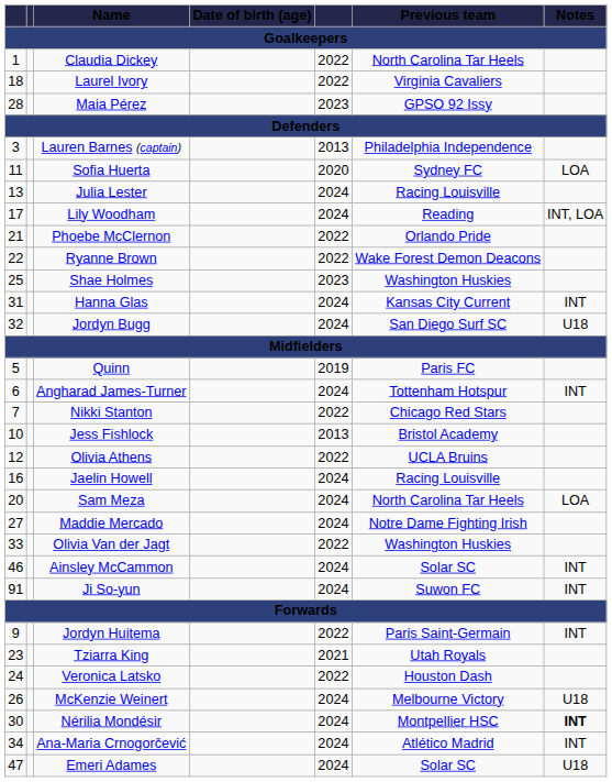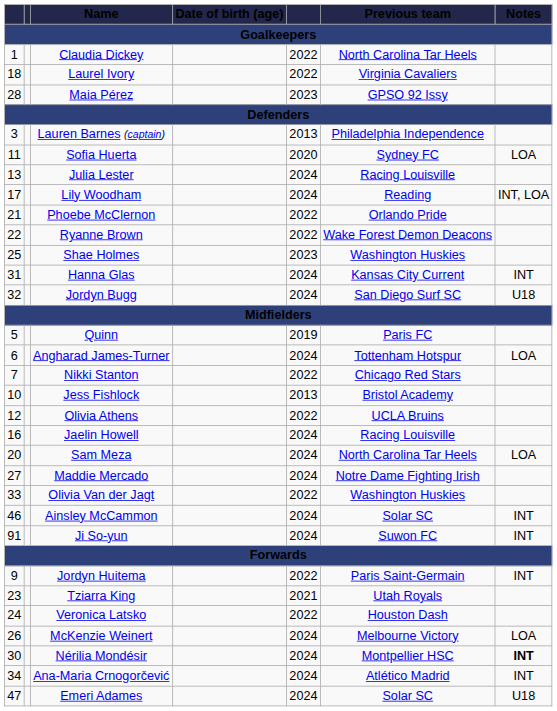 <table class="wikitable" style="text-align:center;">
 <tr>
 <th style="background:#22274B; "></th>
 <th style="background:#22274B; "></th>
 <th style="background:#22274B; ">Name</th>
 <th style="background:#22274B; ">Date of birth (age)</th>
 <th style="background:#22274B; "></th>
 <th style="background:#22274B; ">Previous team</th>
 <th style="background:#22274B; ">Notes</th>
 </tr>
 <tr>
 <th colspan="7" style="background:#2E407A; ">Goalkeepers</th>
 </tr>
 <tr>
 <td>1</td>
 <td></td>
 <td><a href='#'>Claudia Dickey</a></td>
 <td></td>
 <td>2022</td>
 <td> <a href='#'>North Carolina Tar Heels</a></td>
 <td></td>
 </tr>
 <tr>
 <td>18</td>
 <td></td>
 <td><a href='#'>Laurel Ivory</a></td>
 <td></td>
 <td>2022</td>
 <td> <a href='#'>Virginia Cavaliers</a></td>
 <td></td>
 </tr>
 <tr>
 <td>28</td>
 <td></td>
 <td><a href='#'>Maia Pérez</a></td>
 <td></td>
 <td>2023</td>
 <td> <a href='#'>GPSO 92 Issy</a></td>
 <td></td>
 </tr>
 <tr>
 <th colspan="7" style="background:#2E407A; ">Defenders</th>
 </tr>
 <tr>
 <td>3</td>
 <td></td>
 <td><a href='#'>Lauren Barnes</a> <em><small>(<a href='#'>captain</a>)</small></em></td>
 <td></td>
 <td>2013</td>
 <td> <a href='#'>Philadelphia Independence</a></td>
 <td></td>
 </tr>
 <tr>
 <td>11</td>
 <td></td>
 <td><a href='#'>Sofia Huerta</a></td>
 <td></td>
 <td>2020</td>
 <td> <a href='#'>Sydney FC</a></td>
 <td>LOA</td>
 </tr>
 <tr>
 <td>13</td>
 <td></td>
 <td><a href='#'>Julia Lester</a></td>
 <td></td>
 <td>2024</td>
 <td> <a href='#'>Racing Louisville</a></td>
 <td></td>
 </tr>
 <tr>
 <td>17</td>
 <td></td>
 <td><a href='#'>Lily Woodham</a></td>
 <td></td>
 <td>2024</td>
 <td> <a href='#'>Reading</a></td>
 <td>INT, LOA</td>
 </tr>
 <tr>
 <td>21</td>
 <td></td>
 <td><a href='#'>Phoebe McClernon</a></td>
 <td></td>
 <td>2022</td>
 <td> <a href='#'>Orlando Pride</a></td>
 <td></td>
 </tr>
 <tr>
 <td>22</td>
 <td></td>
 <td><a href='#'>Ryanne Brown</a></td>
 <td></td>
 <td>2022</td>
 <td> <a href='#'>Wake Forest Demon Deacons</a></td>
 <td></td>
 </tr>
 <tr>
 <td>25</td>
 <td></td>
 <td><a href='#'>Shae Holmes</a></td>
 <td></td>
 <td>2023</td>
 <td> <a href='#'>Washington Huskies</a></td>
 <td></td>
 </tr>
 <tr>
 <td>31</td>
 <td></td>
 <td><a href='#'>Hanna Glas</a></td>
 <td></td>
 <td>2024</td>
 <td> <a href='#'>Kansas City Current</a></td>
 <td>INT</td>
 </tr>
 <tr>
 <td>32</td>
 <td></td>
 <td><a href='#'>Jordyn Bugg</a></td>
 <td></td>
 <td>2024</td>
 <td> <a href='#'>San Diego Surf SC</a></td>
 <td>U18</td>
 </tr>
 <tr>
 <th colspan="7" style="background:#2E407A; ">Midfielders</th>
 </tr>
 <tr>
 <td>5</td>
 <td></td>
 <td><a href='#'>Quinn</a></td>
 <td></td>
 <td>2019</td>
 <td> <a href='#'>Paris FC</a></td>
 <td></td>
 </tr>
 <tr>
 <td>6</td>
 <td></td>
 <td><a href='#'>Angharad James-Turner</a></td>
 <td></td>
 <td>2024</td>
 <td> <a href='#'>Tottenham Hotspur</a></td>
-<td>INT</td>
+<td>LOA</td>
 </tr>
 <tr>
 <td>7</td>
 <td></td>
 <td><a href='#'>Nikki Stanton</a></td>
 <td></td>
 <td>2022</td>
 <td> <a href='#'>Chicago Red Stars</a></td>
 <td></td>
 </tr>
 <tr>
 <td>10</td>
 <td></td>
 <td><a href='#'>Jess Fishlock</a></td>
 <td></td>
 <td>2013</td>
 <td> <a href='#'>Bristol Academy</a></td>
 <td></td>
 </tr>
 <tr>
 <td>12</td>
 <td></td>
 <td><a href='#'>Olivia Athens</a></td>
 <td></td>
 <td>2022</td>
 <td> <a href='#'>UCLA Bruins</a></td>
 <td></td>
 </tr>
 <tr>
 <td>16</td>
 <td></td>
 <td><a href='#'>Jaelin Howell</a></td>
 <td></td>
 <td>2024</td>
 <td> <a href='#'>Racing Louisville</a></td>
 <td></td>
 </tr>
 <tr>
 <td>20</td>
 <td></td>
 <td><a href='#'>Sam Meza</a></td>
 <td></td>
 <td>2024</td>
 <td> <a href='#'>North Carolina Tar Heels</a></td>
 <td>LOA</td>
 </tr>
 <tr>
 <td>27</td>
 <td></td>
 <td><a href='#'>Maddie Mercado</a></td>
 <td></td>
 <td>2024</td>
 <td> <a href='#'>Notre Dame Fighting Irish</a></td>
 <td></td>
 </tr>
 <tr>
 <td>33</td>
 <td></td>
 <td><a href='#'>Olivia Van der Jagt</a></td>
 <td></td>
 <td>2022</td>
 <td> <a href='#'>Washington Huskies</a></td>
 <td></td>
 </tr>
 <tr>
 <td>46</td>
 <td></td>
 <td><a href='#'>Ainsley McCammon</a></td>
 <td></td>
 <td>2024</td>
 <td> <a href='#'>Solar SC</a></td>
 <td>INT</td>
 </tr>
 <tr>
 <td>91</td>
 <td></td>
 <td><a href='#'>Ji So-yun</a></td>
 <td></td>
 <td>2024</td>
 <td> <a href='#'>Suwon FC</a></td>
 <td>INT</td>
 </tr>
 <tr>
 <th colspan="7" style="background:#2E407A; ">Forwards</th>
 </tr>
 <tr>
 <td>9</td>
 <td></td>
 <td><a href='#'>Jordyn Huitema</a></td>
 <td></td>
 <td>2022</td>
 <td> <a href='#'>Paris Saint-Germain</a></td>
 <td>INT</td>
 </tr>
 <tr>
 <td>23</td>
 <td></td>
 <td><a href='#'>Tziarra King</a></td>
 <td></td>
 <td>2021</td>
 <td> <a href='#'>Utah Royals</a></td>
 <td></td>
 </tr>
 <tr>
 <td>24</td>
 <td></td>
 <td><a href='#'>Veronica Latsko</a></td>
 <td></td>
 <td>2022</td>
 <td> <a href='#'>Houston Dash</a></td>
 <td></td>
 </tr>
 <tr>
 <td>26</td>
 <td></td>
 <td><a href='#'>McKenzie Weinert</a></td>
 <td></td>
 <td>2024</td>
 <td> <a href='#'>Melbourne Victory</a></td>
-<td>U18</td>
+<td>LOA</td>
 </tr>
 <tr>
 <td>30</td>
 <td></td>
 <td><a href='#'>Nérilia Mondésir</a></td>
 <td></td>
 <td>2024</td>
 <td> <a href='#'>Montpellier HSC</a></td>
 <td><strong>INT</strong></td>
 </tr>
 <tr>
 <td>34</td>
 <td></td>
 <td><a href='#'>Ana-Maria Crnogorčević</a></td>
 <td></td>
 <td>2024</td>
 <td> <a href='#'>Atlético Madrid</a></td>
 <td>INT</td>
 </tr>
 <tr>
 <td>47</td>
 <td></td>
 <td><a href='#'>Emeri Adames</a></td>
 <td></td>
 <td>2024</td>
 <td> <a href='#'>Solar SC</a></td>
 <td>U18</td>
 </tr>
 </table>
